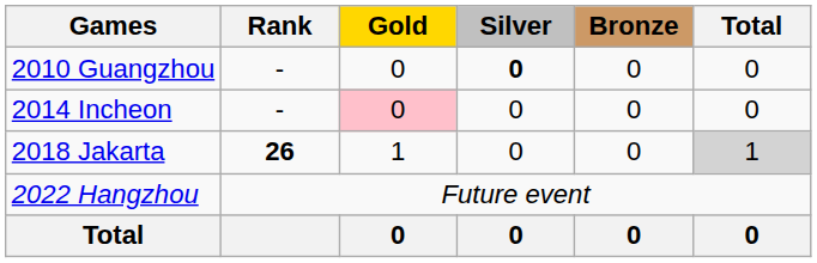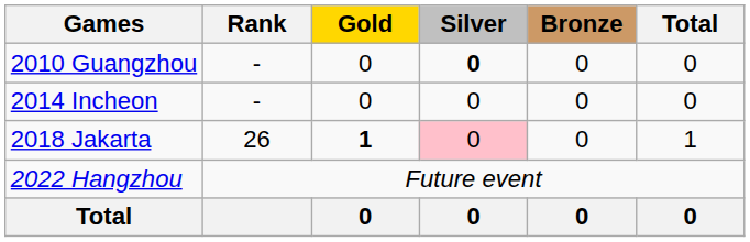 <table class="wikitable sortable" style="margin-top:0em; text-align:center; font-size:100%;">
 <tr>
 <th>Games</th>
 <th style="width:4em;">Rank</th>
 <th style="background:gold; width:4em;"><strong>Gold</strong></th>
 <th style="background:silver; width:4em;"><strong>Silver</strong></th>
 <th style="background:#cc9966; width:4em;"><strong>Bronze</strong></th>
 <th style="width:4em;">Total</th>
 </tr>
 <tr>
 <td align=left><a href='#'>2010 Guangzhou</a></td>
 <td>-</td>
 <td>0</td>
 <td><strong>0</strong></td>
 <td>0</td>
 <td>0</td>
 </tr>
 <tr>
 <td align=left><a href='#'>2014 Incheon</a></td>
 <td>-</td>
-<td style="background: pink;">0</td>
+<td>0</td>
 <td>0</td>
 <td>0</td>
 <td>0</td>
 </tr>
 <tr>
 <td align=left><a href='#'>2018 Jakarta</a></td>
-<td><strong>26</strong></td>
+<td>26</td>
+<td><strong>1</strong></td>
+<td style="background: pink;">0</td>
+<td>0</td>
 <td>1</td>
-<td>0</td>
-<td>0</td>
-<td style="background: lightgrey;">1</td>
 </tr>
 <tr>
 <td align=left><em><a href='#'>2022 Hangzhou</a></em></td>
 <td colspan=5><em>Future event</em></td>
 </tr>
 <tr>
 <th>Total</th>
 <th></th>
 <th>0</th>
 <th>0</th>
 <th>0</th>
 <th>0</th>
 </tr>
 </table>
